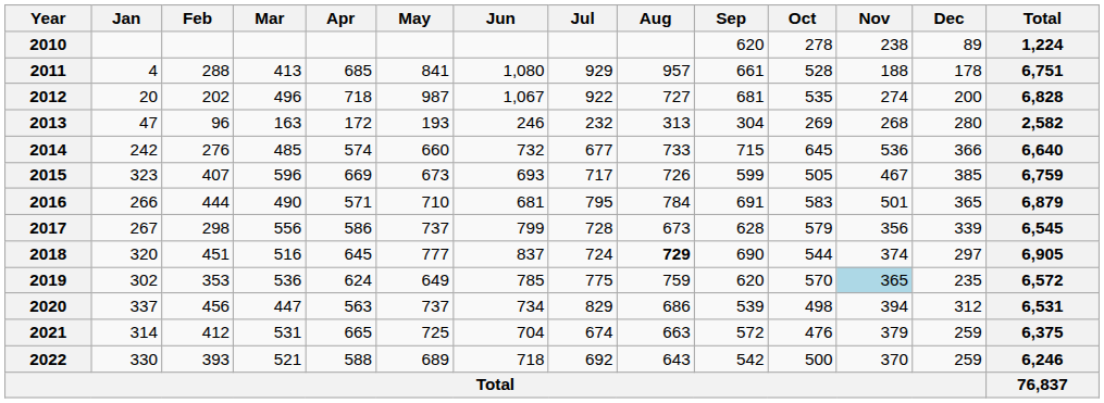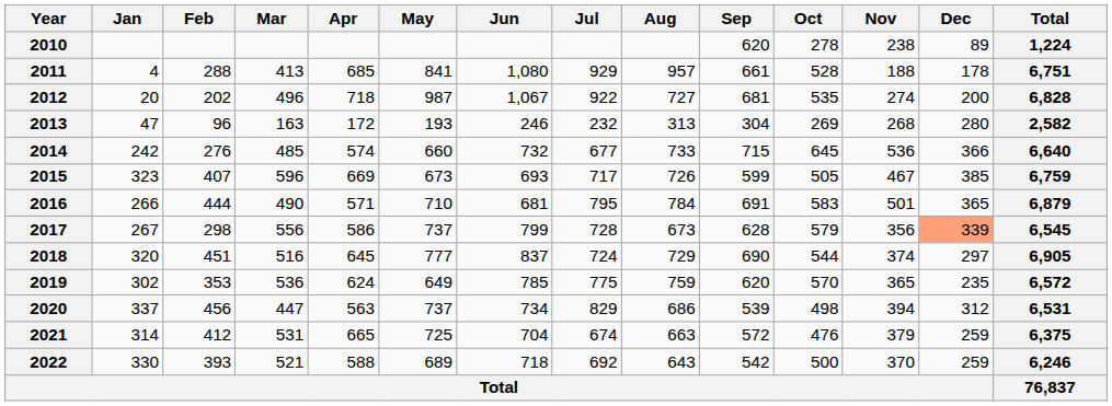 <table class=wikitable style="text-align:right; font-size:0.9em; width:950px;">
 <tr>
 <th>Year</th>
 <th>Jan</th>
 <th>Feb</th>
 <th>Mar</th>
 <th>Apr</th>
 <th>May</th>
 <th>Jun</th>
 <th>Jul</th>
 <th>Aug</th>
 <th>Sep</th>
 <th>Oct</th>
 <th>Nov</th>
 <th>Dec</th>
 <th>Total</th>
 </tr>
 <tr>
 <th>2010</th>
 <td></td>
 <td></td>
 <td></td>
 <td></td>
 <td></td>
 <td></td>
 <td></td>
 <td></td>
 <td>620</td>
 <td>278</td>
 <td>238</td>
 <td>89</td>
 <th>1,224</th>
 </tr>
 <tr>
 <th>2011</th>
 <td>4</td>
 <td>288</td>
 <td>413</td>
 <td>685</td>
 <td>841</td>
 <td>1,080</td>
 <td>929</td>
 <td>957</td>
 <td>661</td>
 <td>528</td>
 <td>188</td>
 <td>178</td>
 <th>6,751</th>
 </tr>
 <tr>
 <th>2012</th>
 <td>20</td>
 <td>202</td>
 <td>496</td>
 <td>718</td>
 <td>987</td>
 <td>1,067</td>
 <td>922</td>
 <td>727</td>
 <td>681</td>
 <td>535</td>
 <td>274</td>
 <td>200</td>
 <th>6,828</th>
 </tr>
 <tr>
 <th>2013</th>
 <td>47</td>
 <td>96</td>
 <td>163</td>
 <td>172</td>
 <td>193</td>
 <td>246</td>
 <td>232</td>
 <td>313</td>
 <td>304</td>
 <td>269</td>
 <td>268</td>
 <td>280</td>
 <th>2,582</th>
 </tr>
 <tr>
 <th>2014</th>
 <td>242</td>
 <td>276</td>
 <td>485</td>
 <td>574</td>
 <td>660</td>
 <td>732</td>
 <td>677</td>
 <td>733</td>
 <td>715</td>
 <td>645</td>
 <td>536</td>
 <td>366</td>
 <th>6,640</th>
 </tr>
 <tr>
 <th>2015</th>
 <td>323</td>
 <td>407</td>
 <td>596</td>
 <td>669</td>
 <td>673</td>
 <td>693</td>
 <td>717</td>
 <td>726</td>
 <td>599</td>
 <td>505</td>
 <td>467</td>
 <td>385</td>
 <th>6,759</th>
 </tr>
 <tr>
 <th>2016</th>
 <td>266</td>
 <td>444</td>
 <td>490</td>
 <td>571</td>
 <td>710</td>
 <td>681</td>
 <td>795</td>
 <td>784</td>
 <td>691</td>
 <td>583</td>
 <td>501</td>
 <td>365</td>
 <th>6,879</th>
 </tr>
 <tr>
 <th>2017</th>
 <td>267</td>
 <td>298</td>
 <td>556</td>
 <td>586</td>
 <td>737</td>
 <td>799</td>
 <td>728</td>
 <td>673</td>
 <td>628</td>
 <td>579</td>
 <td>356</td>
-<td>339</td>
+<td style="background: lightsalmon;">339</td>
 <th>6,545</th>
 </tr>
 <tr>
 <th>2018</th>
 <td>320</td>
 <td>451</td>
 <td>516</td>
 <td>645</td>
 <td>777</td>
 <td>837</td>
 <td>724</td>
-<td><strong>729</strong></td>
+<td>729</td>
 <td>690</td>
 <td>544</td>
 <td>374</td>
 <td>297</td>
 <th>6,905</th>
 </tr>
 <tr>
 <th>2019</th>
 <td>302</td>
 <td>353</td>
 <td>536</td>
 <td>624</td>
 <td>649</td>
 <td>785</td>
 <td>775</td>
 <td>759</td>
 <td>620</td>
 <td>570</td>
-<td style="background: lightblue;">365</td>
+<td>365</td>
 <td>235</td>
 <th>6,572</th>
 </tr>
 <tr>
 <th>2020</th>
 <td>337</td>
 <td>456</td>
 <td>447</td>
 <td>563</td>
 <td>737</td>
 <td>734</td>
 <td>829</td>
 <td>686</td>
 <td>539</td>
 <td>498</td>
 <td>394</td>
 <td>312</td>
 <th>6,531</th>
 </tr>
 <tr>
 <th>2021</th>
 <td>314</td>
 <td>412</td>
 <td>531</td>
 <td>665</td>
 <td>725</td>
 <td>704</td>
 <td>674</td>
 <td>663</td>
 <td>572</td>
 <td>476</td>
 <td>379</td>
 <td>259</td>
 <th>6,375</th>
 </tr>
 <tr>
 <th>2022</th>
 <td>330</td>
 <td>393</td>
 <td>521</td>
 <td>588</td>
 <td>689</td>
 <td>718</td>
 <td>692</td>
 <td>643</td>
 <td>542</td>
 <td>500</td>
 <td>370</td>
 <td>259</td>
 <th>6,246</th>
 </tr>
 <tr>
 <th colspan=13>Total</th>
 <th>76,837</th>
 </tr>
 </table>
